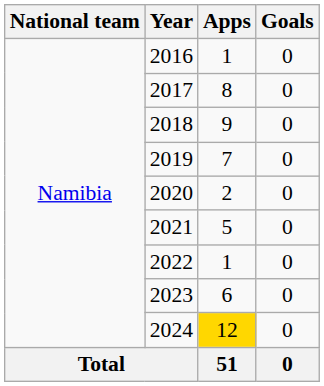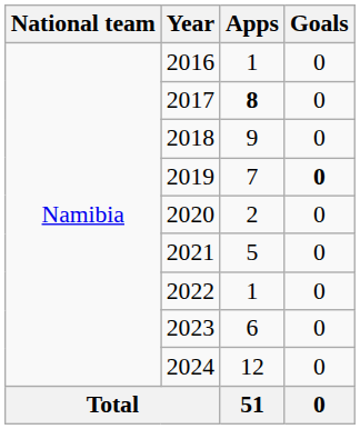 <table class="wikitable" style="text-align:center">
 <tr>
 <th>National team</th>
 <th>Year</th>
 <th>Apps</th>
 <th>Goals</th>
 </tr>
 <tr>
 <td rowspan="9"><a href='#'>Namibia</a></td>
 <td>2016</td>
 <td>1</td>
 <td>0</td>
 </tr>
 <tr>
 <td>2017</td>
-<td>8</td>
+<td><strong>8</strong></td>
 <td>0</td>
 </tr>
 <tr>
 <td>2018</td>
 <td>9</td>
 <td>0</td>
 </tr>
 <tr>
 <td>2019</td>
 <td>7</td>
-<td>0</td>
+<td><strong>0</strong></td>
 </tr>
 <tr>
 <td>2020</td>
 <td>2</td>
 <td>0</td>
 </tr>
 <tr>
 <td>2021</td>
 <td>5</td>
 <td>0</td>
 </tr>
 <tr>
 <td>2022</td>
 <td>1</td>
 <td>0</td>
 </tr>
 <tr>
 <td>2023</td>
 <td>6</td>
 <td>0</td>
 </tr>
 <tr>
 <td>2024</td>
-<td style="background: gold;">12</td>
+<td>12</td>
 <td>0</td>
 </tr>
 <tr>
 <th colspan=2>Total</th>
 <th>51</th>
 <th>0</th>
 </tr>
 </table>
